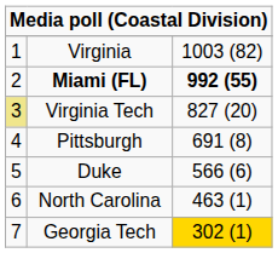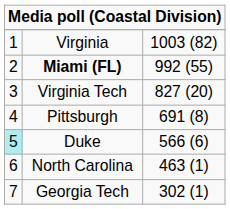 <table class="wikitable" style="display: inline-table;">
 <tr>
 <td align="center" Colspan="3"><strong>Media poll (Coastal Division)</strong></td>
 </tr>
 <tr align="center">
 </tr>
 <tr align="center">
 <td>1</td>
 <td>Virginia</td>
 <td>1003 (82)</td>
 </tr>
 <tr align="center">
 <td>2</td>
 <td><strong>Miami (FL)</strong></td>
-<td><strong>992 (55)</strong></td>
+<td>992 (55)</td>
 </tr>
 <tr align="center">
-<td style="background: khaki;">3</td>
+<td>3</td>
 <td>Virginia Tech</td>
 <td>827 (20)</td>
 </tr>
 <tr align="center">
 <td>4</td>
 <td>Pittsburgh</td>
 <td>691 (8)</td>
 </tr>
 <tr align="center">
-<td>5</td>
+<td style="background: paleturquoise;">5</td>
 <td>Duke</td>
 <td>566 (6)</td>
 </tr>
 <tr align="center">
 <td>6</td>
 <td>North Carolina</td>
 <td>463 (1)</td>
 </tr>
 <tr align="center">
 <td>7</td>
 <td>Georgia Tech</td>
-<td style="background: gold;">302 (1)</td>
+<td>302 (1)</td>
 </tr>
 </table>
